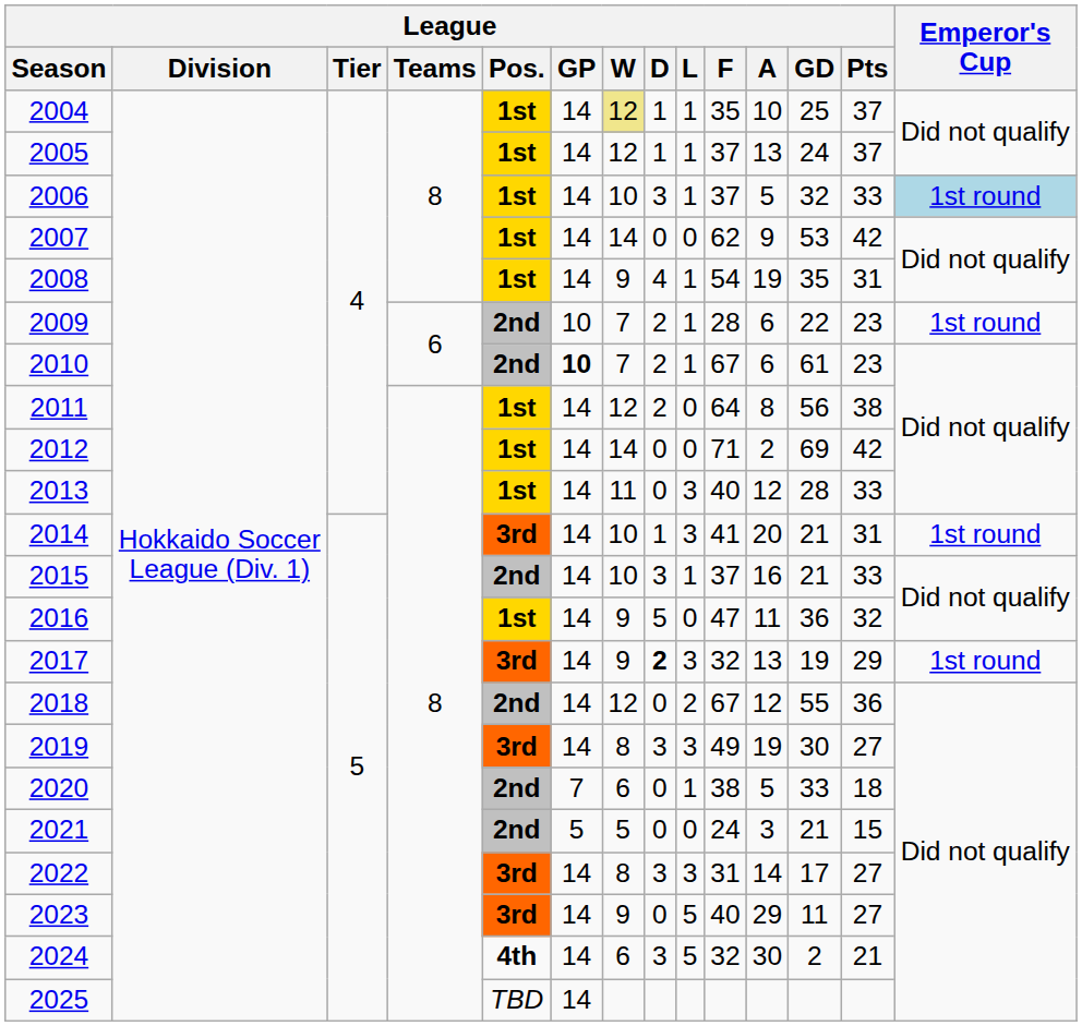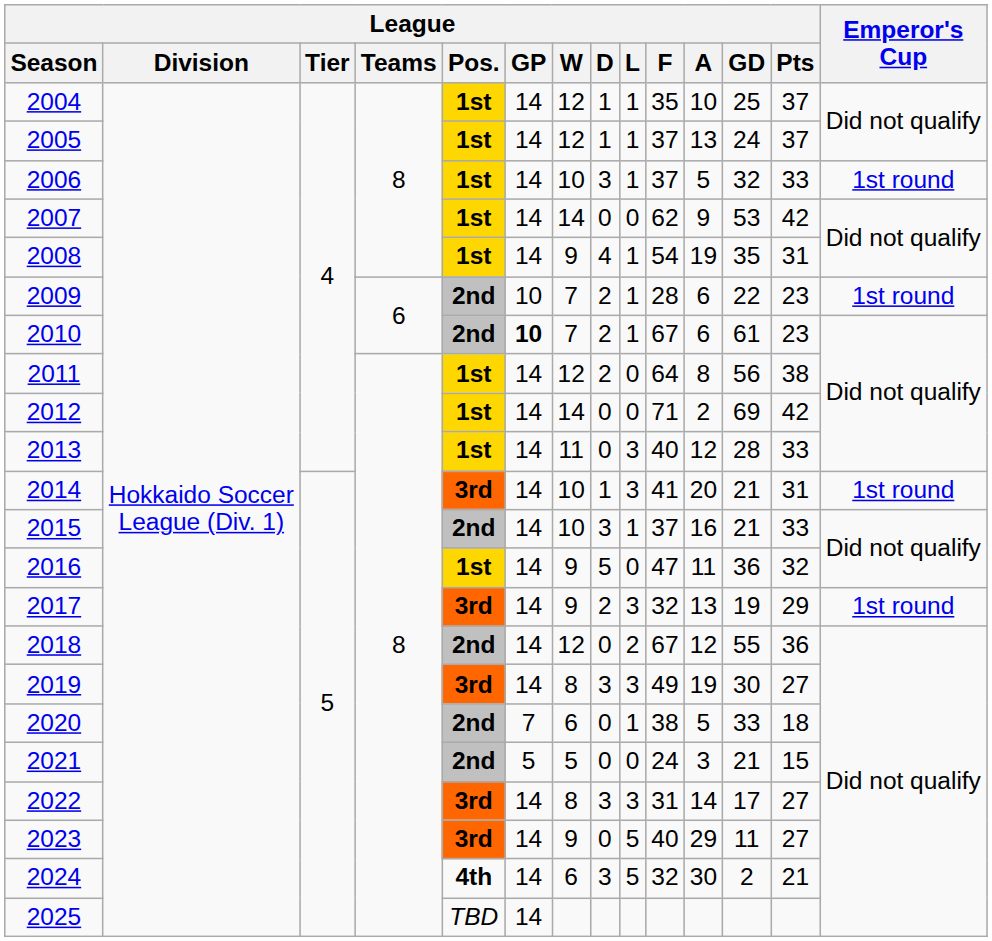 <table class="wikitable" style="text-align:center;">
 <tr>
 <th colspan="13">League</th>
 <th rowspan="2"><a href='#'>Emperor's<br>Cup</a></th>
 </tr>
 <tr>
 <th>Season</th>
 <th>Division</th>
 <th>Tier</th>
 <th>Teams</th>
 <th>Pos.</th>
 <th>GP</th>
 <th>W</th>
 <th>D</th>
 <th>L</th>
 <th>F</th>
 <th>A</th>
 <th>GD</th>
 <th>Pts</th>
 </tr>
 <tr>
 <td><a href='#'>2004</a></td>
 <td rowspan="22"><a href='#'>Hokkaido Soccer<br>League (Div. 1)</a></td>
 <td rowspan="10">4</td>
 <td rowspan="5">8</td>
 <td bgcolor="gold"><strong>1st</strong></td>
 <td>14</td>
-<td style="background: khaki;">12</td>
+<td>12</td>
 <td>1</td>
 <td>1</td>
 <td>35</td>
 <td>10</td>
 <td>25</td>
 <td>37</td>
 <td rowspan="2">Did not qualify</td>
 </tr>
 <tr>
 <td><a href='#'>2005</a></td>
 <td bgcolor=gold><strong>1st</strong></td>
 <td>14</td>
 <td>12</td>
 <td>1</td>
 <td>1</td>
 <td>37</td>
 <td>13</td>
 <td>24</td>
 <td>37</td>
 </tr>
 <tr>
 <td><a href='#'>2006</a></td>
 <td bgcolor=gold><strong>1st</strong></td>
 <td>14</td>
 <td>10</td>
 <td>3</td>
 <td>1</td>
 <td>37</td>
 <td>5</td>
 <td>32</td>
 <td>33</td>
-<td style="background: lightblue;"><a href='#'>1st round</a></td>
+<td><a href='#'>1st round</a></td>
 </tr>
 <tr>
 <td><a href='#'>2007</a></td>
 <td bgcolor=gold><strong>1st</strong></td>
 <td>14</td>
 <td>14</td>
 <td>0</td>
 <td>0</td>
 <td>62</td>
 <td>9</td>
 <td>53</td>
 <td>42</td>
 <td rowspan="2">Did not qualify</td>
 </tr>
 <tr>
 <td><a href='#'>2008</a></td>
 <td bgcolor=gold><strong>1st</strong></td>
 <td>14</td>
 <td>9</td>
 <td>4</td>
 <td>1</td>
 <td>54</td>
 <td>19</td>
 <td>35</td>
 <td>31</td>
 </tr>
 <tr>
 <td><a href='#'>2009</a></td>
 <td rowspan="2">6</td>
 <td bgcolor=silver><strong>2nd</strong></td>
 <td>10</td>
 <td>7</td>
 <td>2</td>
 <td>1</td>
 <td>28</td>
 <td>6</td>
 <td>22</td>
 <td>23</td>
 <td><a href='#'>1st round</a></td>
 </tr>
 <tr>
 <td><a href='#'>2010</a></td>
 <td bgcolor=silver><strong>2nd</strong></td>
 <td><strong>10</strong></td>
 <td>7</td>
 <td>2</td>
 <td>1</td>
 <td>67</td>
 <td>6</td>
 <td>61</td>
 <td>23</td>
 <td rowspan="4">Did not qualify</td>
 </tr>
 <tr>
 <td><a href='#'>2011</a></td>
 <td rowspan="15">8</td>
 <td bgcolor=gold><strong>1st</strong></td>
 <td>14</td>
 <td>12</td>
 <td>2</td>
 <td>0</td>
 <td>64</td>
 <td>8</td>
 <td>56</td>
 <td>38</td>
 </tr>
 <tr>
 <td><a href='#'>2012</a></td>
 <td bgcolor=gold><strong>1st</strong></td>
 <td>14</td>
 <td>14</td>
 <td>0</td>
 <td>0</td>
 <td>71</td>
 <td>2</td>
 <td>69</td>
 <td>42</td>
 </tr>
 <tr>
 <td><a href='#'>2013</a></td>
 <td bgcolor=gold><strong>1st</strong></td>
 <td>14</td>
 <td>11</td>
 <td>0</td>
 <td>3</td>
 <td>40</td>
 <td>12</td>
 <td>28</td>
 <td>33</td>
 </tr>
 <tr>
 <td><a href='#'>2014</a></td>
 <td rowspan="12">5</td>
 <td bgcolor=ff6600><strong>3rd</strong></td>
 <td>14</td>
 <td>10</td>
 <td>1</td>
 <td>3</td>
 <td>41</td>
 <td>20</td>
 <td>21</td>
 <td>31</td>
 <td><a href='#'>1st round</a></td>
 </tr>
 <tr>
 <td><a href='#'>2015</a></td>
 <td bgcolor=silver><strong>2nd</strong></td>
 <td>14</td>
 <td>10</td>
 <td>3</td>
 <td>1</td>
 <td>37</td>
 <td>16</td>
 <td>21</td>
 <td>33</td>
 <td rowspan="2">Did not qualify</td>
 </tr>
 <tr>
 <td><a href='#'>2016</a></td>
 <td bgcolor=gold><strong>1st</strong></td>
 <td>14</td>
 <td>9</td>
 <td>5</td>
 <td>0</td>
 <td>47</td>
 <td>11</td>
 <td>36</td>
 <td>32</td>
 </tr>
 <tr>
 <td><a href='#'>2017</a></td>
 <td bgcolor=ff6600><strong>3rd</strong></td>
 <td>14</td>
 <td>9</td>
-<td><strong>2</strong></td>
+<td>2</td>
 <td>3</td>
 <td>32</td>
 <td>13</td>
 <td>19</td>
 <td>29</td>
 <td><a href='#'>1st round</a></td>
 </tr>
 <tr>
 <td><a href='#'>2018</a></td>
 <td bgcolor=silver><strong> 2nd</strong></td>
 <td>14</td>
 <td>12</td>
 <td>0</td>
 <td>2</td>
 <td>67</td>
 <td>12</td>
 <td>55</td>
 <td>36</td>
 <td rowspan="8">Did not qualify</td>
 </tr>
 <tr>
 <td><a href='#'>2019</a></td>
 <td bgcolor=ff6600><strong>3rd </strong></td>
 <td>14</td>
 <td>8</td>
 <td>3</td>
 <td>3</td>
 <td>49</td>
 <td>19</td>
 <td>30</td>
 <td>27</td>
 </tr>
 <tr>
 <td><a href='#'>2020</a></td>
 <td bgcolor=silver><strong>2nd</strong></td>
 <td>7</td>
 <td>6</td>
 <td>0</td>
 <td>1</td>
 <td>38</td>
 <td>5</td>
 <td>33</td>
 <td>18</td>
 </tr>
 <tr>
 <td><a href='#'>2021</a></td>
 <td bgcolor=silver><strong>2nd</strong></td>
 <td>5</td>
 <td>5</td>
 <td>0</td>
 <td>0</td>
 <td>24</td>
 <td>3</td>
 <td>21</td>
 <td>15</td>
 </tr>
 <tr>
 <td><a href='#'>2022</a></td>
 <td bgcolor=ff6600><strong>3rd</strong></td>
 <td>14</td>
 <td>8</td>
 <td>3</td>
 <td>3</td>
 <td>31</td>
 <td>14</td>
 <td>17</td>
 <td>27</td>
 </tr>
 <tr>
 <td><a href='#'>2023</a></td>
 <td bgcolor=ff6600><strong>3rd</strong></td>
 <td>14</td>
 <td>9</td>
 <td>0</td>
 <td>5</td>
 <td>40</td>
 <td>29</td>
 <td>11</td>
 <td>27</td>
 </tr>
 <tr>
 <td><a href='#'>2024</a></td>
 <td><strong>4th</strong></td>
 <td>14</td>
 <td>6</td>
 <td>3</td>
 <td>5</td>
 <td>32</td>
 <td>30</td>
 <td>2</td>
 <td>21</td>
 </tr>
 <tr>
 <td><a href='#'>2025</a></td>
 <td><em>TBD</em></td>
 <td>14</td>
 <td></td>
 <td></td>
 <td></td>
 <td></td>
 <td></td>
 <td></td>
 <td></td>
 </tr>
 <tr>
 </tr>
 </table>
